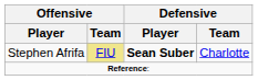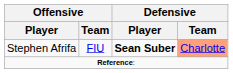 <table class="wikitable" style="text-align: center;">
 <tr>
 <th colspan="2">Offensive</th>
 <th colspan="2">Defensive</th>
 </tr>
 <tr>
 <th>Player</th>
 <th>Team</th>
 <th>Player</th>
 <th>Team</th>
 </tr>
 <tr>
 <td>Stephen Afrifa</td>
-<td style="background: khaki;"><a href='#'>FIU</a></td>
+<td><a href='#'>FIU</a></td>
 <td><strong>Sean Suber</strong></td>
-<td><a href='#'>Charlotte</a></td>
+<td style="background: lightsalmon;"><a href='#'>Charlotte</a></td>
 </tr>
 <tr>
 <td colspan="4"  style="font-size:8pt; text-align:center;"><strong>Reference</strong>:</td>
 </tr>
 </table>
